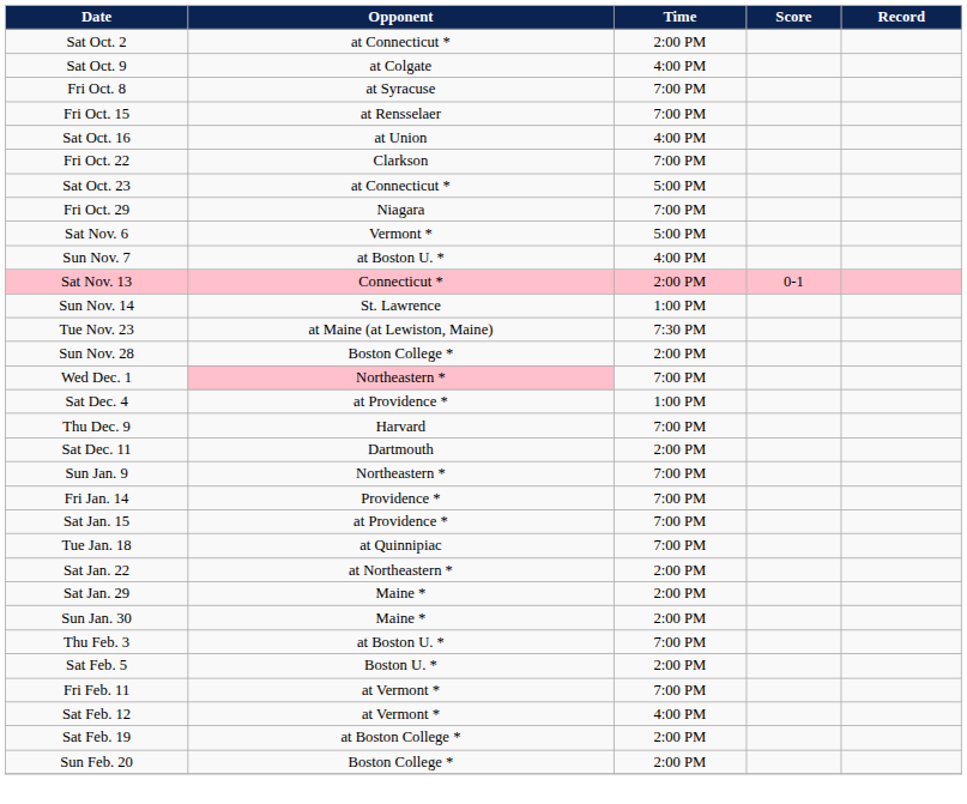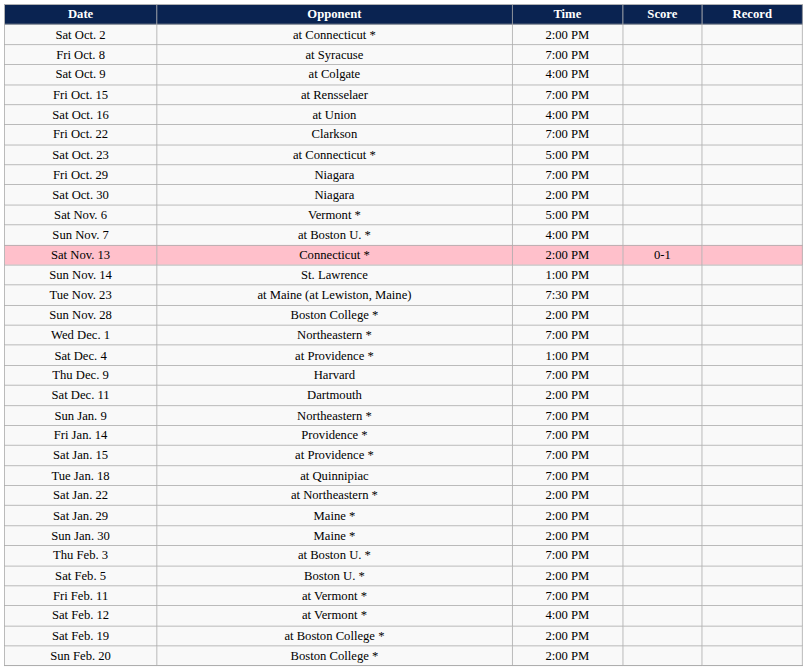 <table class="wikitable" width="80%">
 <tr align="center"  style="background:#0a2351;color:#FFFFFF;">
 <td><strong>Date</strong></td>
 <td><strong>Opponent</strong></td>
 <td><strong>Time</strong></td>
 <td><strong>Score</strong></td>
 <td><strong>Record</strong></td>
 </tr>
 <tr style="text-align:center;">
 <td>Sat Oct. 2</td>
 <td>at Connecticut *</td>
 <td>2:00 PM</td>
 <td></td>
 <td></td>
 </tr>
 <tr style="text-align:center;">
-<td>Sat Oct. 9</td>
-<td>at Colgate</td>
-<td>4:00 PM</td>
+<td>Fri Oct. 8</td>
+<td>at Syracuse</td>
+<td>7:00 PM</td>
 <td></td>
 <td></td>
 </tr>
 <tr style="text-align:center;">
-<td>Fri Oct. 8</td>
-<td>at Syracuse</td>
-<td>7:00 PM</td>
+<td>Sat Oct. 9</td>
+<td>at Colgate</td>
+<td>4:00 PM</td>
 <td></td>
 <td></td>
 </tr>
 <tr style="text-align:center;">
 <td>Fri Oct. 15</td>
 <td>at Rensselaer</td>
 <td>7:00 PM</td>
 <td></td>
 <td></td>
 </tr>
 <tr style="text-align:center;">
 <td>Sat Oct. 16</td>
 <td>at Union</td>
 <td>4:00 PM</td>
 <td></td>
 <td></td>
 </tr>
 <tr style="text-align:center;">
 <td>Fri Oct. 22</td>
 <td>Clarkson</td>
 <td>7:00 PM</td>
 <td></td>
 <td></td>
 </tr>
 <tr style="text-align:center;">
 <td>Sat Oct. 23</td>
 <td>at Connecticut *</td>
 <td>5:00 PM</td>
 <td></td>
 <td></td>
 </tr>
 <tr style="text-align:center;">
 <td>Fri Oct. 29</td>
 <td>Niagara</td>
 <td>7:00 PM</td>
+<td></td>
+<td></td>
+</tr>
+<tr style="text-align:center;">
+<td>Sat Oct. 30</td>
+<td>Niagara</td>
+<td>2:00 PM</td>
 <td></td>
 <td></td>
 </tr>
 <tr style="text-align:center;">
 <td>Sat Nov. 6</td>
 <td>Vermont *</td>
 <td>5:00 PM</td>
 <td></td>
 <td></td>
 </tr>
 <tr style="text-align:center;">
 <td>Sun Nov. 7</td>
 <td>at Boston U. *</td>
 <td>4:00 PM</td>
 <td></td>
 <td></td>
 </tr>
 <tr style="text-align:center;background: pink">
 <td>Sat Nov. 13</td>
 <td>Connecticut *</td>
 <td>2:00 PM</td>
 <td>0-1</td>
 <td></td>
 </tr>
 <tr style="text-align:center;">
 <td>Sun Nov. 14</td>
 <td>St. Lawrence</td>
 <td>1:00 PM</td>
 <td></td>
 <td></td>
 </tr>
 <tr style="text-align:center;">
 <td>Tue Nov. 23</td>
 <td>at Maine (at Lewiston, Maine)</td>
 <td>7:30 PM</td>
 <td></td>
 <td></td>
 </tr>
 <tr style="text-align:center;">
 <td>Sun Nov. 28</td>
 <td>Boston College *</td>
 <td>2:00 PM</td>
 <td></td>
 <td></td>
 </tr>
 <tr style="text-align:center;">
 <td>Wed Dec. 1</td>
-<td style="background: pink;">Northeastern *</td>
+<td>Northeastern *</td>
 <td>7:00 PM</td>
 <td></td>
 <td></td>
 </tr>
 <tr style="text-align:center;">
 <td>Sat Dec. 4</td>
 <td>at Providence *</td>
 <td>1:00 PM</td>
 <td></td>
 <td></td>
 </tr>
 <tr style="text-align:center;">
 <td>Thu Dec. 9</td>
 <td>Harvard</td>
 <td>7:00 PM</td>
 <td></td>
 <td></td>
 </tr>
 <tr style="text-align:center;">
 <td>Sat Dec. 11</td>
 <td>Dartmouth</td>
 <td>2:00 PM</td>
 <td></td>
 <td></td>
 </tr>
 <tr style="text-align:center;">
 <td>Sun Jan. 9</td>
 <td>Northeastern *</td>
 <td>7:00 PM</td>
 <td></td>
 <td></td>
 </tr>
 <tr style="text-align:center;">
 <td>Fri Jan. 14</td>
 <td>Providence *</td>
 <td>7:00 PM</td>
 <td></td>
 <td></td>
 </tr>
 <tr style="text-align:center;">
 <td>Sat Jan. 15</td>
 <td>at Providence *</td>
 <td>7:00 PM</td>
 <td></td>
 <td></td>
 </tr>
 <tr style="text-align:center;">
 <td>Tue Jan. 18</td>
 <td>at Quinnipiac</td>
 <td>7:00 PM</td>
 <td></td>
 <td></td>
 </tr>
 <tr style="text-align:center;">
 <td>Sat Jan. 22</td>
 <td>at Northeastern *</td>
 <td>2:00 PM</td>
 <td></td>
 <td></td>
 </tr>
 <tr style="text-align:center;">
 <td>Sat Jan. 29</td>
 <td>Maine *</td>
 <td>2:00 PM</td>
 <td></td>
 <td></td>
 </tr>
 <tr style="text-align:center;">
 <td>Sun Jan. 30</td>
 <td>Maine *</td>
 <td>2:00 PM</td>
 <td></td>
 <td></td>
 </tr>
 <tr style="text-align:center;">
 <td>Thu Feb. 3</td>
 <td>at Boston U. *</td>
 <td>7:00 PM</td>
 <td></td>
 <td></td>
 </tr>
 <tr style="text-align:center;">
 <td>Sat Feb. 5</td>
 <td>Boston U. *</td>
 <td>2:00 PM</td>
 <td></td>
 <td></td>
 </tr>
 <tr style="text-align:center;">
 <td>Fri Feb. 11</td>
 <td>at Vermont *</td>
 <td>7:00 PM</td>
 <td></td>
 <td></td>
 </tr>
 <tr style="text-align:center;">
 <td>Sat Feb. 12</td>
 <td>at Vermont *</td>
 <td>4:00 PM</td>
 <td></td>
 <td></td>
 </tr>
 <tr style="text-align:center;">
 <td>Sat Feb. 19</td>
 <td>at Boston College *</td>
 <td>2:00 PM</td>
 <td></td>
 <td></td>
 </tr>
 <tr style="text-align:center;">
 <td>Sun Feb. 20</td>
 <td>Boston College *</td>
 <td>2:00 PM</td>
 <td></td>
 <td></td>
 </tr>
 <tr style="text-align:center;1">
 </tr>
 </table>
